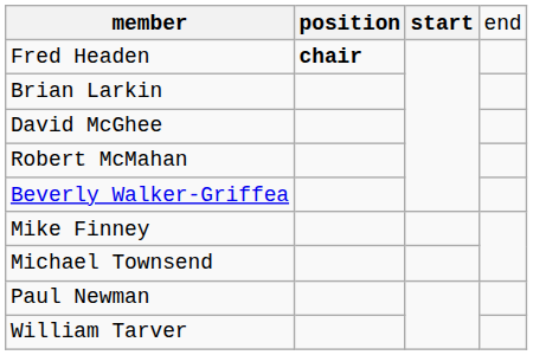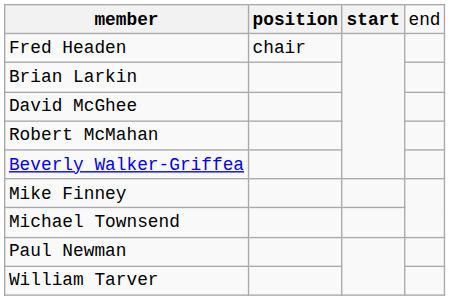 <table class="wikitable" border="1">
 <tr>
 <th>member</th>
 <th>position</th>
 <th>start</th>
 <td>end</td>
 </tr>
 <tr>
 <td>Fred Headen</td>
-<td><strong>chair</strong></td>
+<td>chair</td>
 <td rowspan=5></td>
 </tr>
 <tr>
 <td>Brian Larkin </td>
 <td></td>
 <td></td>
 </tr>
 <tr>
 <td>David McGhee</td>
 <td></td>
 <td></td>
 </tr>
 <tr>
 <td>Robert McMahan </td>
 <td></td>
 <td></td>
 </tr>
 <tr>
 <td><a href='#'>Beverly Walker-Griffea</a></td>
 <td></td>
 <td></td>
 </tr>
 <tr>
 <td>Mike Finney</td>
 <td></td>
 <td></td>
 <td rowspan=2></td>
 </tr>
 <tr>
 <td>Michael Townsend</td>
 <td></td>
 <td></td>
 </tr>
 <tr>
 <td>Paul Newman</td>
 <td></td>
 <td rowspan=2></td>
 <td></td>
 </tr>
 <tr>
 <td>William Tarver</td>
 <td></td>
 </tr>
 </table>
